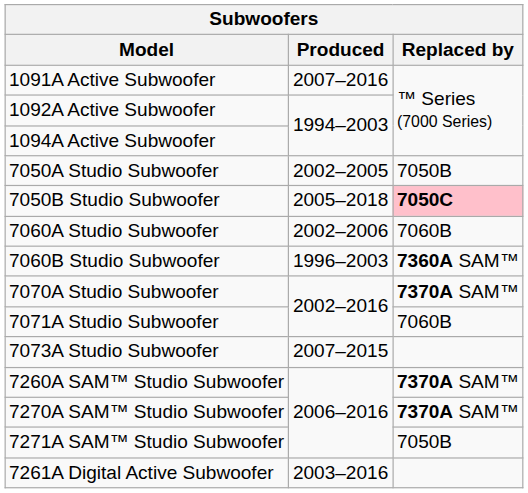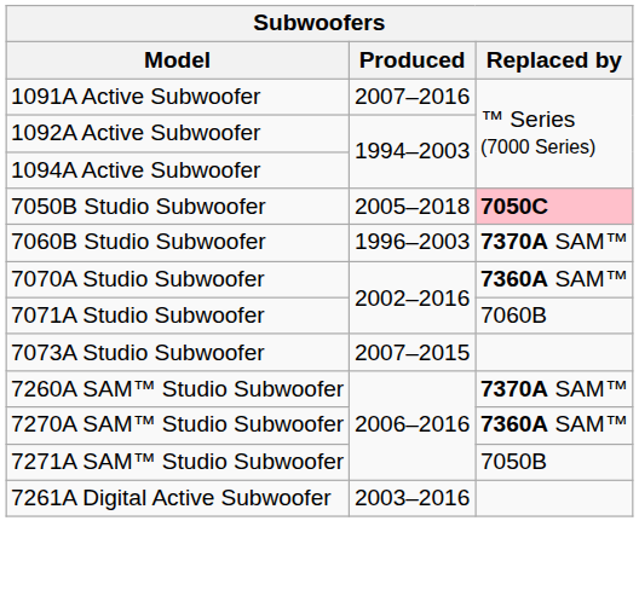 <table class="wikitable sortable mw-collapsible mw-collapsed" style="display: inline-table; margin-top: 0px; margin-bottom: 15px; margin-left: 2.5px; margin-right: 0px;">
 <tr>
 <th colspan="3">Subwoofers</th>
 </tr>
 <tr>
 <th>Model</th>
 <th>Produced</th>
 <th>Replaced by</th>
 </tr>
 <tr>
 <td>1091A Active Subwoofer</td>
 <td style="text-align: center;">2007–2016</td>
 <td rowspan="3">™ Series<br><small>(7000 Series)</small></td>
 </tr>
 <tr>
 <td>1092A Active Subwoofer</td>
 <td style="text-align: center;" rowspan="2">1994–2003</td>
 </tr>
 <tr>
 <td>1094A Active Subwoofer</td>
 </tr>
 <tr>
-<td>7050A Studio Subwoofer</td>
-<td style="text-align: center;">2002–2005</td>
-<td>7050B</td>
-</tr>
-<tr>
 <td>7050B Studio Subwoofer</td>
 <td style="text-align: center;">2005–2018</td>
 <td style="background: pink;"><strong>7050C</strong></td>
 </tr>
 <tr>
-<td>7060A Studio Subwoofer</td>
-<td style="text-align: center;">2002–2006</td>
-<td>7060B</td>
-</tr>
-<tr>
 <td>7060B Studio Subwoofer</td>
 <td style="text-align: center;">1996–2003</td>
-<td><strong>7360A</strong> SAM™</td>
+<td><strong>7370A</strong> SAM™</td>
 </tr>
 <tr>
 <td>7070A Studio Subwoofer</td>
 <td style="text-align: center;" rowspan="2">2002–2016</td>
-<td><strong>7370A</strong> SAM™</td>
+<td><strong>7360A</strong> SAM™</td>
 </tr>
 <tr>
 <td>7071A Studio Subwoofer</td>
 <td>7060B</td>
 </tr>
 <tr>
 <td>7073A Studio Subwoofer</td>
 <td style="text-align: center;">2007–2015</td>
 </tr>
 <tr>
 <td>7260A SAM™ Studio Subwoofer</td>
 <td style="text-align: center;" rowspan="3">2006–2016</td>
 <td><strong>7370A</strong> SAM™</td>
 </tr>
 <tr>
 <td>7270A SAM™ Studio Subwoofer</td>
-<td><strong>7370A</strong> SAM™</td>
+<td><strong>7360A</strong> SAM™</td>
 </tr>
 <tr>
 <td>7271A SAM™ Studio Subwoofer</td>
 <td>7050B</td>
 </tr>
 <tr>
 <td data-sort-value="7261A">7261A Digital Active Subwoofer</td>
 <td style="text-align: center;">2003–2016</td>
 </tr>
 </table>
